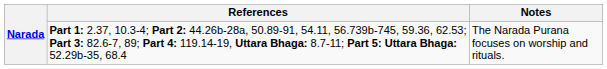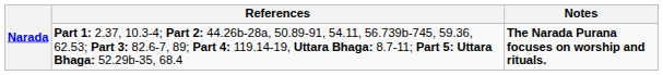 <table class="wikitable">
 <tr>
 <th rowspan="2"><a href='#'>Narada</a></th>
 <th>References</th>
 <th>Notes</th>
 </tr>
 <tr>
 <td><strong>Part 1:</strong> 2.37, 10.3-4; <strong>Part 2:</strong> 44.26b-28a, 50.89-91, 54.11, 56.739b-745, 59.36, 62.53; <strong>Part 3:</strong> 82.6-7, 89; <strong>Part 4:</strong> 119.14-19, <strong>Uttara Bhaga:</strong> 8.7-11; <strong>Part 5:</strong> <strong>Uttara Bhaga:</strong> 52.29b-35, 68.4</td>
-<td>The Narada Purana focuses on worship and rituals.</td>
+<td><strong>The Narada Purana focuses on worship and rituals.</strong></td>
 </tr>
 </table>
